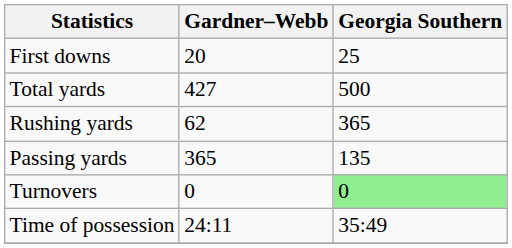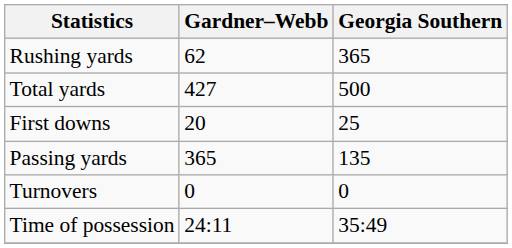 <table class="wikitable">
 <tr>
 <th>Statistics</th>
 <th>Gardner–Webb</th>
 <th>Georgia Southern</th>
 </tr>
 <tr>
-<td>First downs</td>
-<td>20</td>
-<td>25</td>
+<td>Rushing yards</td>
+<td>62</td>
+<td>365</td>
 </tr>
 <tr>
 <td>Total yards</td>
 <td>427</td>
 <td>500</td>
 </tr>
 <tr>
-<td>Rushing yards</td>
-<td>62</td>
-<td>365</td>
+<td>First downs</td>
+<td>20</td>
+<td>25</td>
 </tr>
 <tr>
 <td>Passing yards</td>
 <td>365</td>
 <td>135</td>
 </tr>
 <tr>
 <td>Turnovers</td>
 <td>0</td>
-<td style="background: lightgreen;">0</td>
+<td>0</td>
 </tr>
 <tr>
 <td>Time of possession</td>
 <td>24:11</td>
 <td>35:49</td>
 </tr>
 <tr>
 </tr>
 </table>
